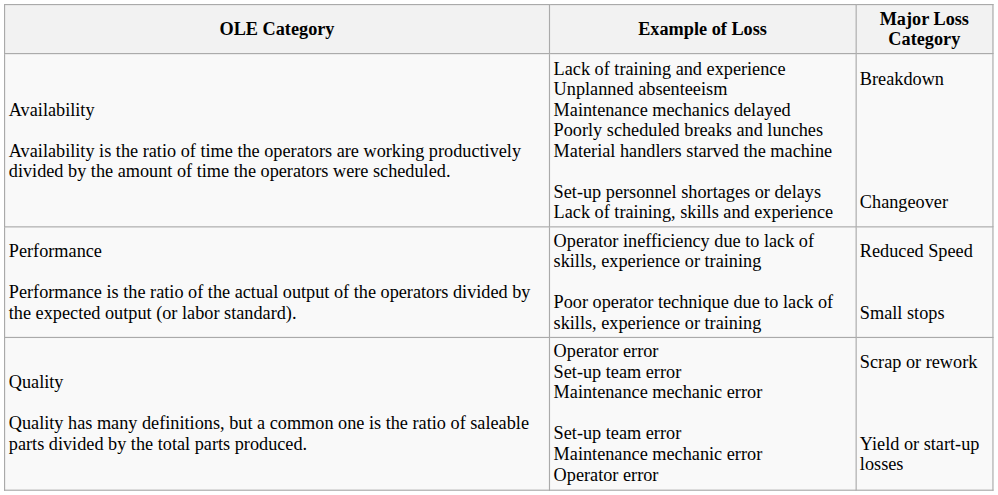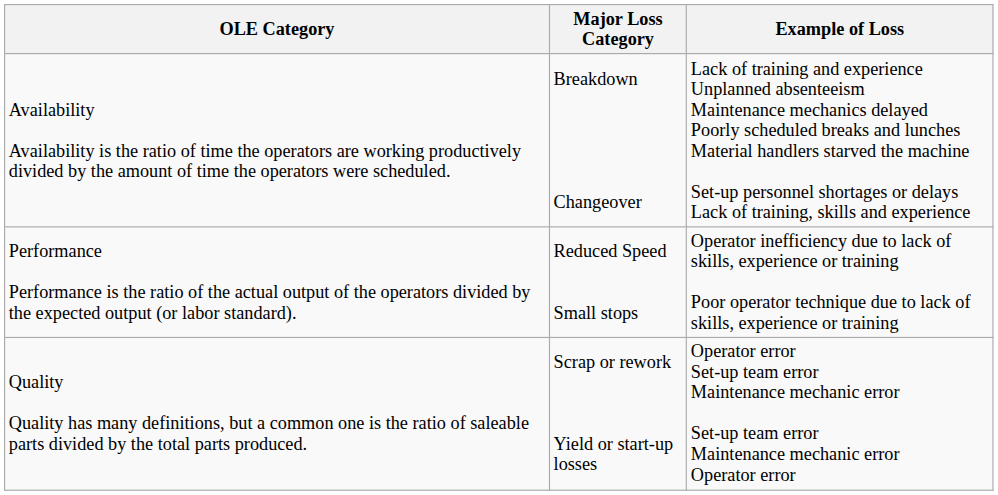 <table class="wikitable">
 <tr>
 <th>OLE Category</th>
+<th>Major Loss Category</th>
 <th>Example of Loss</th>
-<th>Major Loss Category</th>
 </tr>
 <tr>
 <td>Availability <br> <br> Availability is the ratio of time the operators are working productively divided by the amount of time the operators were scheduled.</td>
+<td>Breakdown <br> <br> <br> <br> <br> <br> Changeover</td>
 <td>Lack of training and experience <br> Unplanned absenteeism <br> Maintenance mechanics delayed <br> Poorly scheduled breaks and lunches <br> Material handlers starved the machine <br> <br> Set-up personnel shortages or delays <br> Lack of training, skills and experience</td>
-<td>Breakdown <br> <br> <br> <br> <br> <br> Changeover</td>
 </tr>
 <tr>
 <td>Performance <br> <br> Performance is the ratio of the actual output of the operators divided by the expected output (or labor standard).</td>
+<td>Reduced Speed  <br> <br> <br> Small stops</td>
 <td>Operator inefficiency due to lack of skills,  experience or training <br> <br> Poor operator technique due to lack of skills, experience or training</td>
-<td>Reduced Speed  <br> <br> <br> Small stops</td>
 </tr>
 <tr>
 <td>Quality <br> <br> Quality has many definitions, but a common one is the ratio of saleable parts divided by the total parts produced.</td>
+<td>Scrap or rework <br> <br> <br> <br> Yield or start-up losses</td>
 <td>Operator error <br> Set-up team error <br> Maintenance mechanic error <br> <br> Set-up team error <br> Maintenance mechanic error <br> Operator error</td>
-<td>Scrap or rework <br> <br> <br> <br> Yield or start-up losses</td>
 </tr>
 </table>
